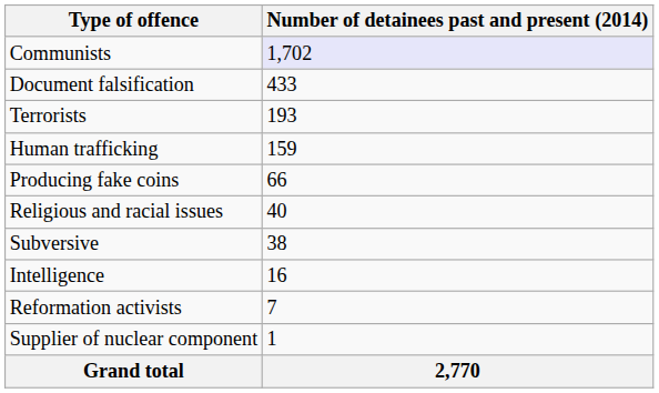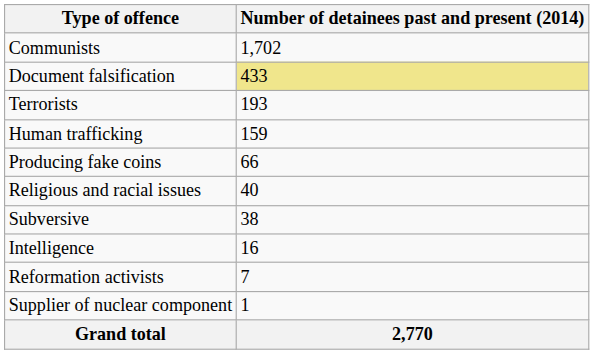 <table class=wikitable>
 <tr>
 <th>Type of offence</th>
 <th>Number of detainees past and present (2014)</th>
 </tr>
 <tr>
 <td>Communists</td>
-<td style="background: lavender;">1,702</td>
+<td>1,702</td>
 </tr>
 <tr>
 <td>Document falsification</td>
-<td>433</td>
+<td style="background: khaki;">433</td>
 </tr>
 <tr>
 <td>Terrorists</td>
 <td>193</td>
 </tr>
 <tr>
 <td>Human trafficking</td>
 <td>159</td>
 </tr>
 <tr>
 <td>Producing fake coins</td>
 <td>66</td>
 </tr>
 <tr>
 <td>Religious and racial issues</td>
 <td>40</td>
 </tr>
 <tr>
 <td>Subversive</td>
 <td>38</td>
 </tr>
 <tr>
 <td>Intelligence</td>
 <td>16</td>
 </tr>
 <tr>
 <td>Reformation activists</td>
 <td>7</td>
 </tr>
 <tr>
 <td>Supplier of nuclear component</td>
 <td>1</td>
 </tr>
 <tr>
 <th>Grand total</th>
 <th>2,770</th>
 </tr>
 </table>
